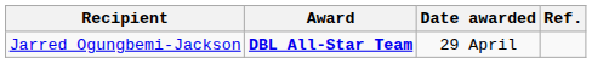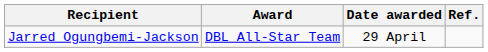 <table class="wikitable sortable sortable" style="text-align: center">
 <tr>
 <th>Recipient</th>
 <th>Award</th>
 <th>Date awarded</th>
 <th>Ref.</th>
 </tr>
 <tr>
 <td><a href='#'>Jarred Ogungbemi-Jackson</a></td>
-<td><strong><a href='#'>DBL All-Star Team</a></strong></td>
+<td><a href='#'>DBL All-Star Team</a></td>
 <td>29 April</td>
 <td></td>
 </tr>
 </table>
